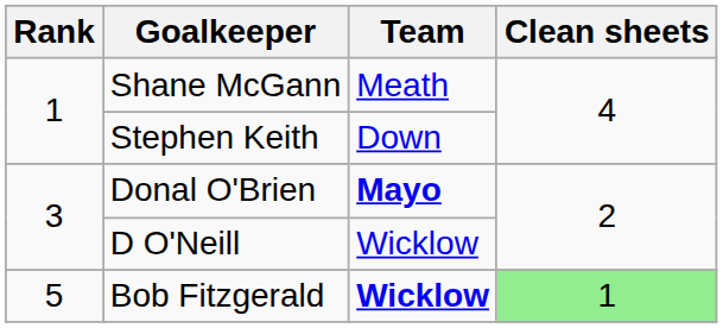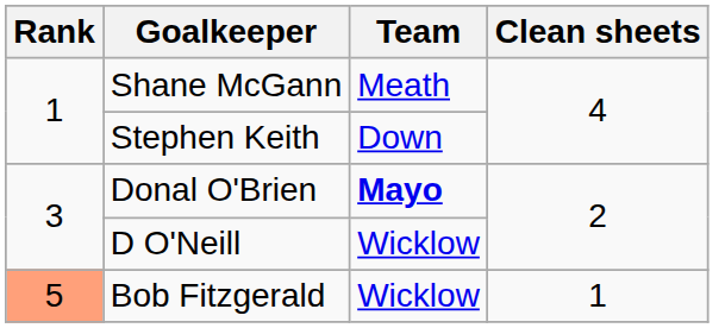 <table class="wikitable">
 <tr>
 <th>Rank</th>
 <th>Goalkeeper</th>
 <th>Team</th>
 <th>Clean sheets</th>
 </tr>
 <tr>
 <td rowspan=2 align=center>1</td>
 <td>Shane McGann</td>
 <td><a href='#'>Meath</a></td>
 <td rowspan=2 align=center>4</td>
 </tr>
 <tr>
 <td>Stephen Keith</td>
 <td><a href='#'>Down</a></td>
 </tr>
 <tr>
 <td rowspan=2 align=center>3</td>
 <td>Donal O'Brien</td>
 <td><strong><a href='#'>Mayo</a></strong></td>
 <td rowspan=2 align=center>2</td>
 </tr>
 <tr>
 <td>D O'Neill</td>
 <td><a href='#'>Wicklow</a></td>
 </tr>
 <tr>
-<td rowspan=1 align=center>5</td>
+<td rowspan=1 align=center style="background: lightsalmon;">5</td>
 <td>Bob Fitzgerald</td>
-<td><strong><a href='#'>Wicklow</a></strong></td>
-<td rowspan=1 align=center style="background: lightgreen;">1</td>
+<td><a href='#'>Wicklow</a></td>
+<td rowspan=1 align=center>1</td>
 </tr>
 </table>
